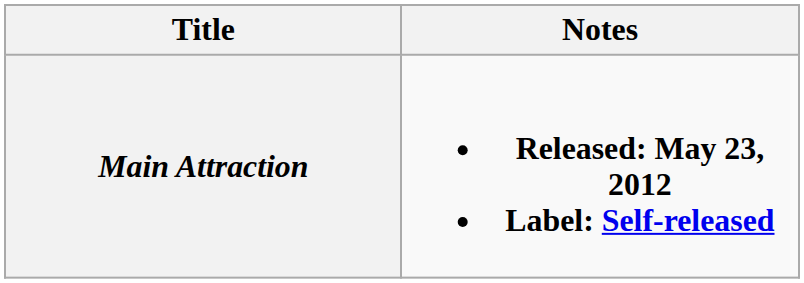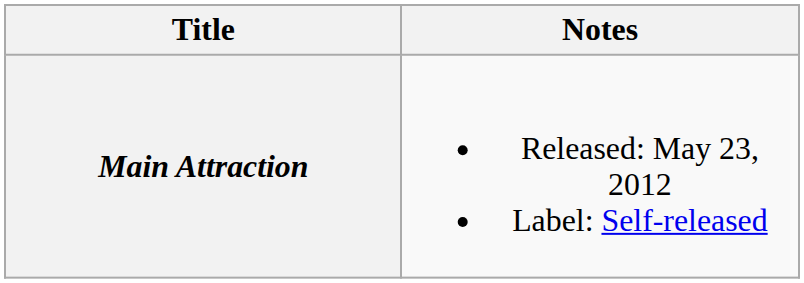 <table class="wikitable plainrowheaders" style="text-align:center">
 <tr>
 <th scope="col" style="width:12em;">Title</th>
 <th scope="col" style="width:12em;">Notes</th>
 </tr>
 <tr>
 <th scope="row"><em>Main Attraction</em></th>
-<td><strong><br><ul><li>Released: May 23, 2012</li><li>Label: <a href='#'>Self-released</a></li></ul></strong></td>
+<td><br><ul><li>Released: May 23, 2012</li><li>Label: <a href='#'>Self-released</a></li></ul></td>
 </tr>
 </table>
